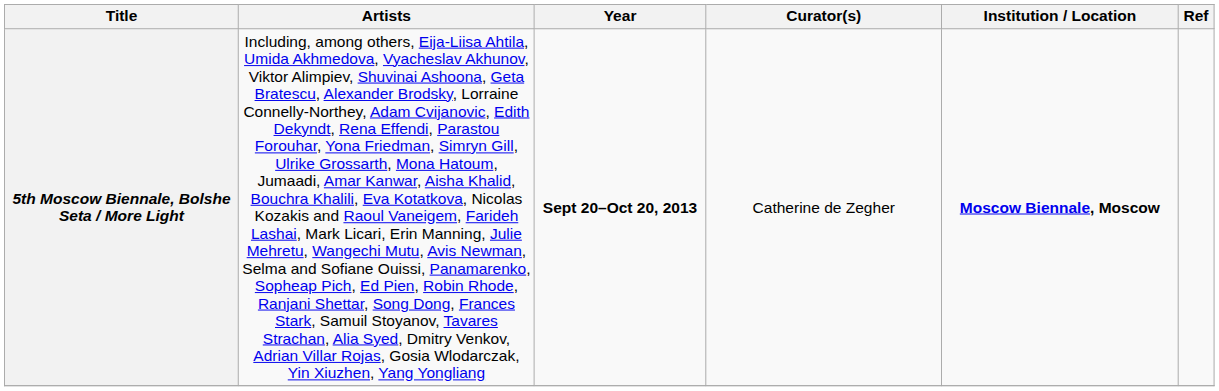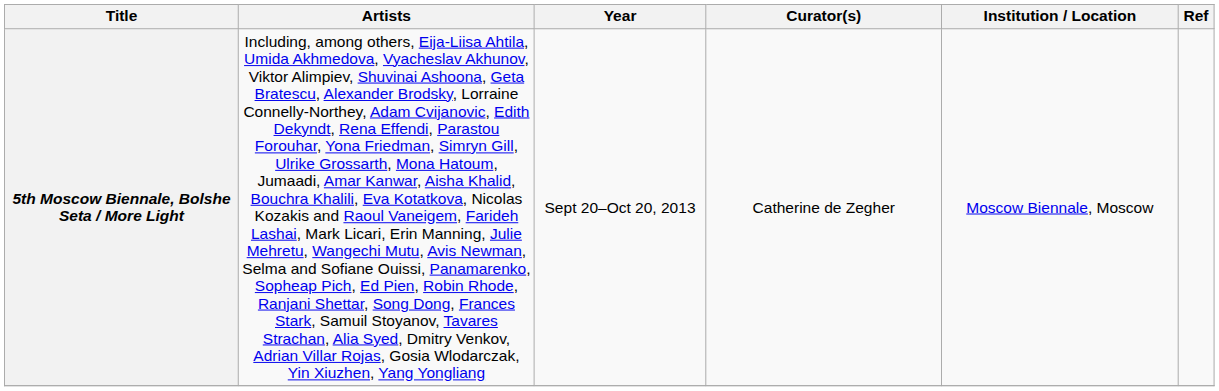 <table class="wikitable plainrowheaders" style="text-align:center;">
 <tr>
 <th scope="col" style="width:20em;">Title</th>
 <th scope="col" style="width:25em;">Artists</th>
 <th scope="col" style="width:15em;">Year</th>
 <th scope="col" style="width:20em;">Curator(s)</th>
 <th scope="col" style="width:20em;">Institution / Location</th>
 <th scope="col" style="width:2em;">Ref</th>
 </tr>
 <tr>
 <th scope="row"><em>5th Moscow Biennale,</em> <em>Bolshe Seta / More Light</em></th>
 <td>Including, among others, <a href='#'>Eija-Liisa Ahtila</a>, <a href='#'>Umida Akhmedova</a>, <a href='#'>Vyacheslav Akhunov</a>, Viktor Alimpiev, <a href='#'>Shuvinai Ashoona</a>, <a href='#'>Geta Bratescu</a>, <a href='#'>Alexander Brodsky</a>, Lorraine Connelly-Northey, <a href='#'>Adam Cvijanovic</a>, <a href='#'>Edith Dekyndt</a>, <a href='#'>Rena Effendi</a>, <a href='#'>Parastou Forouhar</a>, <a href='#'>Yona Friedman</a>, <a href='#'>Simryn Gill</a>, <a href='#'>Ulrike Grossarth</a>, <a href='#'>Mona Hatoum</a>, Jumaadi, <a href='#'>Amar Kanwar</a>, <a href='#'>Aisha Khalid</a>, <a href='#'>Bouchra Khalili</a>, <a href='#'>Eva Kotatkova</a>, Nicolas Kozakis and <a href='#'>Raoul Vaneigem</a>, <a href='#'>Farideh Lashai</a>, Mark Licari, Erin Manning, <a href='#'>Julie Mehretu</a>, <a href='#'>Wangechi Mutu</a>, <a href='#'>Avis Newman</a>, Selma and Sofiane Ouissi, <a href='#'>Panamarenko</a>, <a href='#'>Sopheap Pich</a>, <a href='#'>Ed Pien</a>, <a href='#'>Robin Rhode</a>, <a href='#'>Ranjani Shettar</a>, <a href='#'>Song Dong</a>, <a href='#'>Frances Stark</a>, Samuil Stoyanov, <a href='#'>Tavares Strachan</a>, <a href='#'>Alia Syed</a>, Dmitry Venkov, <a href='#'>Adrian Villar Rojas</a>, Gosia Wlodarczak, <a href='#'>Yin Xiuzhen</a>, <a href='#'>Yang Yongliang</a></td>
-<td><strong>Sept 20–Oct 20, 2013</strong></td>
+<td>Sept 20–Oct 20, 2013</td>
 <td>Catherine de Zegher</td>
-<td><strong><a href='#'>Moscow Biennale</a>, Moscow</strong></td>
+<td><a href='#'>Moscow Biennale</a>, Moscow</td>
 <td></td>
 </tr>
 <tr>
 </tr>
 </table>
